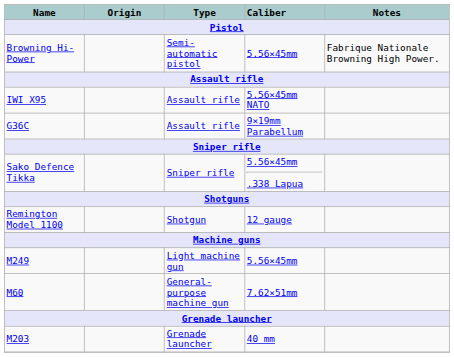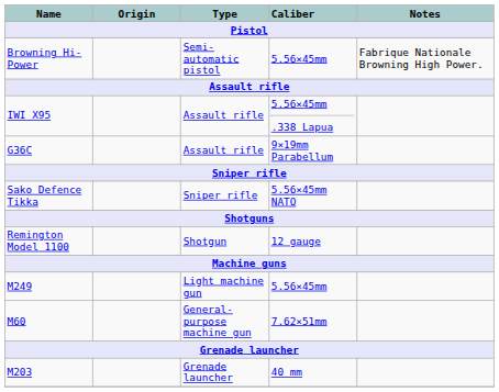 <table class="wikitable";" width="70%">
 <tr>
 <th style="text-align:center; background:#acc;"width="18%">Name</th>
 <th style="text-align: center; background:#acc;"width="18%">Origin</th>
 <th style="text-align:l center; background:#acc;"width="18%">Type</th>
 <th style="text-align:left; background:#acc;"width="18%">Caliber</th>
 <th style="text-align: center; background:#acc;">Notes</th>
 </tr>
 <tr>
 <th style="align: center; background: lavender;" colspan="7"><a href='#'>Pistol</a></th>
 </tr>
 <tr>
 <td><a href='#'>Browning Hi-Power</a></td>
 <td></td>
 <td><a href='#'>Semi-automatic pistol</a></td>
 <td><a href='#'>5.56×45mm</a></td>
 <td>Fabrique Nationale Browning High Power.</td>
 </tr>
 <tr>
 <th style="align: center; background: lavender;" colspan="7"><a href='#'>Assault rifle</a></th>
 </tr>
 <tr>
 <td><a href='#'>IWI X95</a></td>
 <td></td>
 <td><a href='#'>Assault rifle</a></td>
-<td><a href='#'>5.56×45mm NATO</a></td>
+<td><a href='#'>5.56×45mm</a><hr><a href='#'>.338 Lapua</a></td>
 <td></td>
 </tr>
 <tr>
 <td><a href='#'>G36C</a></td>
 <td></td>
 <td><a href='#'>Assault rifle</a></td>
 <td><a href='#'>9×19mm Parabellum</a></td>
 <td></td>
 </tr>
 <tr>
 <th style="align: center; background: lavender;" colspan="7"><a href='#'>Sniper rifle</a></th>
 </tr>
 <tr>
 <td><a href='#'>Sako Defence Tikka</a></td>
 <td></td>
 <td><a href='#'>Sniper rifle</a></td>
-<td><a href='#'>5.56×45mm</a><hr><a href='#'>.338 Lapua</a></td>
+<td><a href='#'>5.56×45mm NATO</a></td>
 <td></td>
 </tr>
 <tr>
 <th style="align: center; background: lavender;" colspan="7"><a href='#'>Shotguns</a></th>
 </tr>
 <tr>
 <td><a href='#'>Remington Model 1100</a></td>
 <td></td>
 <td><a href='#'>Shotgun</a></td>
 <td><a href='#'>12 gauge</a></td>
 <td></td>
 </tr>
 <tr>
 <th style="align: center; background: lavender;" colspan="7"><a href='#'>Machine guns</a></th>
 </tr>
 <tr>
 <td><a href='#'>M249</a></td>
 <td></td>
 <td><a href='#'>Light machine gun</a></td>
 <td><a href='#'>5.56×45mm</a></td>
 <td></td>
 </tr>
 <tr>
 <td><a href='#'>M60</a></td>
 <td></td>
 <td><a href='#'>General-purpose machine gun</a></td>
 <td><a href='#'>7.62×51mm</a></td>
 <td></td>
 </tr>
 <tr>
 <th style="align: center; background: lavender;" colspan="7"><a href='#'>Grenade launcher</a></th>
 </tr>
 <tr>
 <td><a href='#'>M203</a></td>
 <td></td>
 <td><a href='#'>Grenade launcher</a></td>
 <td><a href='#'>40 mm</a></td>
 <td></td>
 </tr>
 <tr>
 </tr>
 </table>
